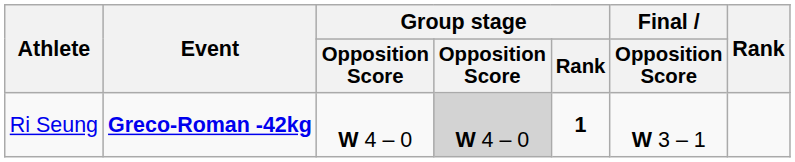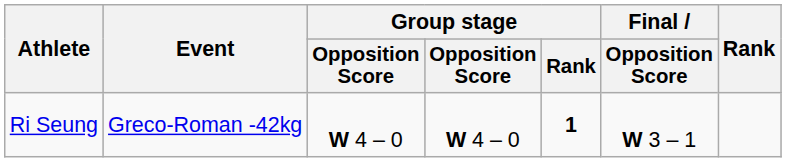 <table class="wikitable" style="font-size:90%">
 <tr>
 <th rowspan=2>Athlete</th>
 <th rowspan=2>Event</th>
 <th colspan=3>Group stage</th>
 <th>Final / </th>
 <th rowspan=2>Rank</th>
 </tr>
 <tr style="font-size:95%">
 <th>Opposition<br>Score</th>
 <th>Opposition<br>Score</th>
 <th>Rank</th>
 <th>Opposition<br>Score</th>
 </tr>
 <tr align=center>
 <td align=left><a href='#'>Ri Seung</a></td>
-<td align=left><strong><a href='#'>Greco-Roman -42kg</a></strong></td>
+<td align=left><a href='#'>Greco-Roman -42kg</a></td>
 <td><br><strong>W</strong> 4 – 0 <sup></sup></td>
-<td style="background: lightgrey;"><br><strong>W</strong> 4 – 0 <sup></sup></td>
+<td><br><strong>W</strong> 4 – 0 <sup></sup></td>
 <td><strong>1 </strong></td>
 <td><br><strong>W</strong> 3 – 1 <sup></sup></td>
 <td></td>
 </tr>
 </table>
